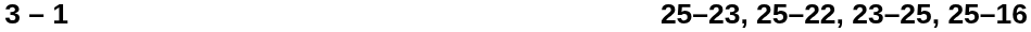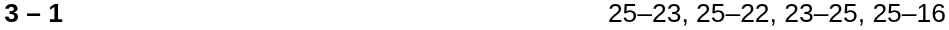 <table width=100% cellspacing=1>
 <tr>
 <th width=20%></th>
 <th width=12%></th>
 <th width=20%></th>
 <th width=33%></th>
 <td></td>
 </tr>
 <tr style=font-size:95%>
 <td align=right><strong></strong></td>
 <td align=center><strong>3 – 1</strong></td>
 <td></td>
-<td><strong>25–23, 25–22, 23–25, 25–16</strong></td>
+<td>25–23, 25–22, 23–25, 25–16</td>
 </tr>
 </table>
